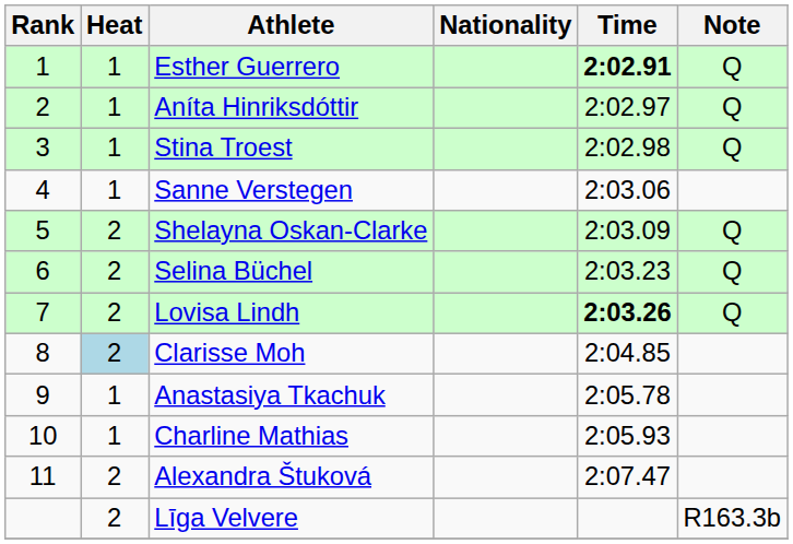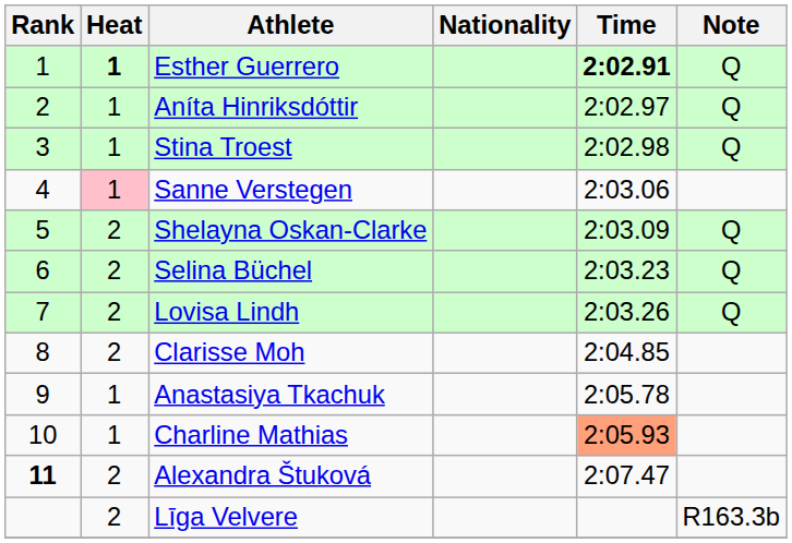 <table class="wikitable sortable" style="text-align:center">
 <tr>
 <th>Rank</th>
 <th>Heat</th>
 <th>Athlete</th>
 <th>Nationality</th>
 <th>Time</th>
 <th>Note</th>
 </tr>
 <tr bgcolor=ccffcc>
 <td>1</td>
-<td>1</td>
+<td><strong>1</strong></td>
 <td align=left><a href='#'>Esther Guerrero</a></td>
 <td align=left></td>
 <td><strong>2:02.91</strong></td>
 <td>Q</td>
 </tr>
 <tr bgcolor=ccffcc>
 <td>2</td>
 <td>1</td>
 <td align=left><a href='#'>Aníta Hinriksdóttir</a></td>
 <td align=left></td>
 <td>2:02.97</td>
 <td>Q</td>
 </tr>
 <tr bgcolor=ccffcc>
 <td>3</td>
 <td>1</td>
 <td align=left><a href='#'>Stina Troest</a></td>
 <td align=left></td>
 <td>2:02.98</td>
 <td>Q</td>
 </tr>
 <tr>
 <td>4</td>
-<td>1</td>
+<td style="background: pink;">1</td>
 <td align=left><a href='#'>Sanne Verstegen</a></td>
 <td align=left></td>
 <td>2:03.06</td>
 <td></td>
 </tr>
 <tr bgcolor=ccffcc>
 <td>5</td>
 <td>2</td>
 <td align=left><a href='#'>Shelayna Oskan-Clarke</a></td>
 <td align=left></td>
 <td>2:03.09</td>
 <td>Q</td>
 </tr>
 <tr bgcolor=ccffcc>
 <td>6</td>
 <td>2</td>
 <td align=left><a href='#'>Selina Büchel</a></td>
 <td align=left></td>
 <td>2:03.23</td>
 <td>Q</td>
 </tr>
 <tr bgcolor=ccffcc>
 <td>7</td>
 <td>2</td>
 <td align=left><a href='#'>Lovisa Lindh</a></td>
 <td align=left></td>
-<td><strong>2:03.26</strong></td>
+<td>2:03.26</td>
 <td>Q</td>
 </tr>
 <tr>
 <td>8</td>
-<td style="background: lightblue;">2</td>
+<td>2</td>
 <td align=left><a href='#'>Clarisse Moh</a></td>
 <td align=left></td>
 <td>2:04.85</td>
 <td></td>
 </tr>
 <tr>
 <td>9</td>
 <td>1</td>
 <td align=left><a href='#'>Anastasiya Tkachuk</a></td>
 <td align=left></td>
 <td>2:05.78</td>
 <td></td>
 </tr>
 <tr>
 <td>10</td>
 <td>1</td>
 <td align=left><a href='#'>Charline Mathias</a></td>
 <td align=left></td>
-<td>2:05.93</td>
+<td style="background: lightsalmon;">2:05.93</td>
 <td></td>
 </tr>
 <tr>
-<td>11</td>
+<td><strong>11</strong></td>
 <td>2</td>
 <td align=left><a href='#'>Alexandra Štuková</a></td>
 <td align=left></td>
 <td>2:07.47</td>
 <td></td>
 </tr>
 <tr>
 <td></td>
 <td>2</td>
 <td align=left><a href='#'>Līga Velvere</a></td>
 <td align=left></td>
 <td></td>
 <td>R163.3b</td>
 </tr>
 <tr>
 </tr>
 </table>
